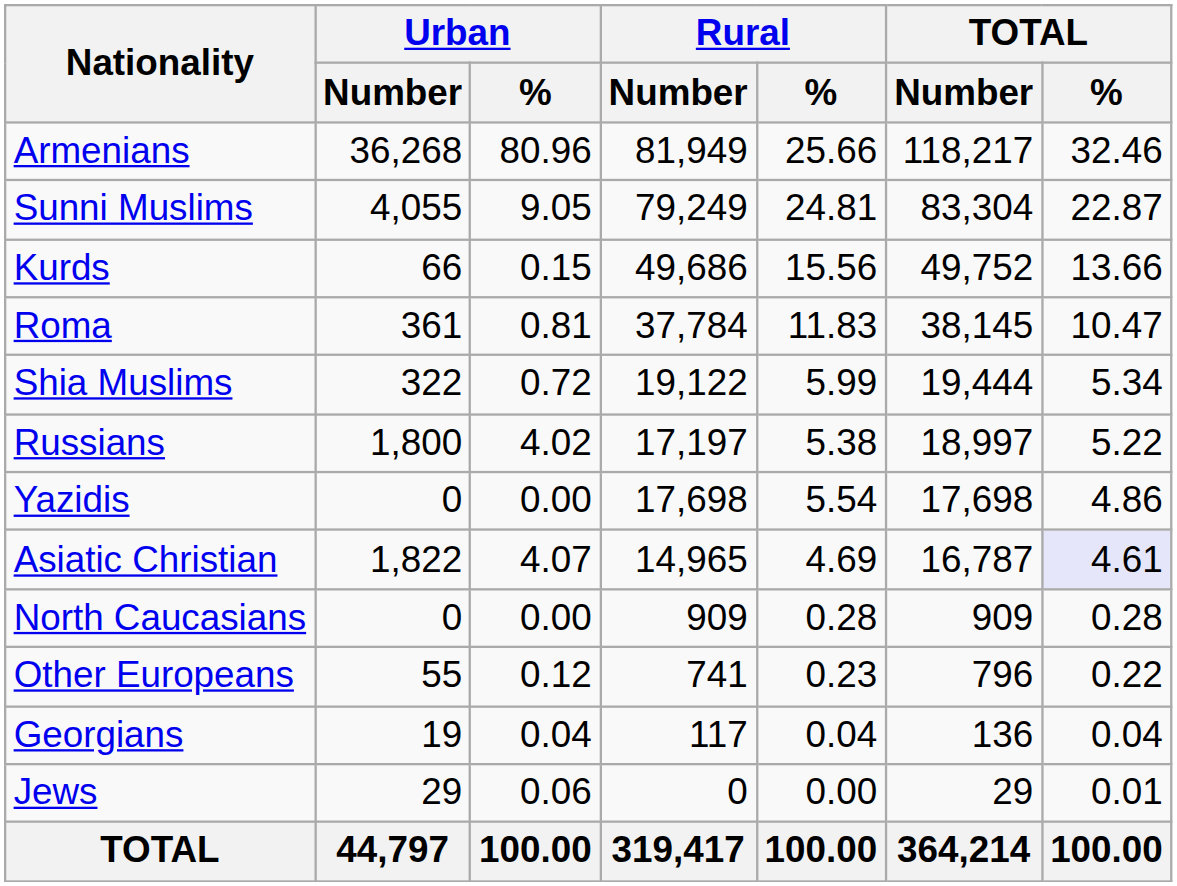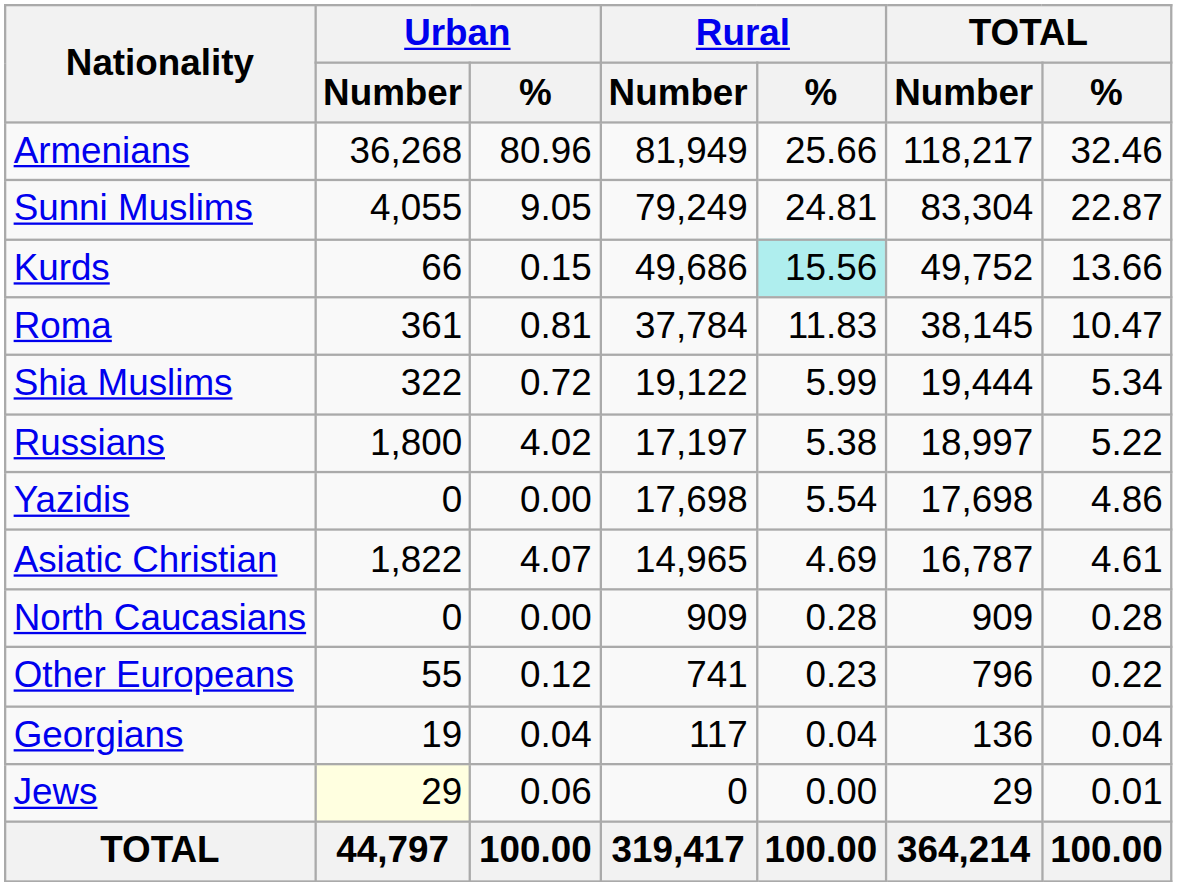 <table class="wikitable sortable">
 <tr>
 <th rowspan="2">Nationality</th>
 <th colspan="2"><a href='#'>Urban</a></th>
 <th colspan="2"><a href='#'>Rural</a></th>
 <th colspan="2">TOTAL</th>
 </tr>
 <tr>
 <th>Number</th>
 <th>%</th>
 <th>Number</th>
 <th>%</th>
 <th>Number</th>
 <th>%</th>
 </tr>
 <tr>
 <td><a href='#'>Armenians</a></td>
 <td align="right">36,268</td>
 <td align="right">80.96</td>
 <td align="right">81,949</td>
 <td align="right">25.66</td>
 <td align="right">118,217</td>
 <td align="right">32.46</td>
 </tr>
 <tr>
 <td><a href='#'>Sunni Muslims</a></td>
 <td align="right">4,055</td>
 <td align="right">9.05</td>
 <td align="right">79,249</td>
 <td align="right">24.81</td>
 <td align="right">83,304</td>
 <td align="right">22.87</td>
 </tr>
 <tr>
 <td><a href='#'>Kurds</a></td>
 <td align="right">66</td>
 <td align="right">0.15</td>
 <td align="right">49,686</td>
-<td align="right">15.56</td>
+<td align="right" style="background: paleturquoise;">15.56</td>
 <td align="right">49,752</td>
 <td align="right">13.66</td>
 </tr>
 <tr>
 <td><a href='#'>Roma</a></td>
 <td align="right">361</td>
 <td align="right">0.81</td>
 <td align="right">37,784</td>
 <td align="right">11.83</td>
 <td align="right">38,145</td>
 <td align="right">10.47</td>
 </tr>
 <tr>
 <td><a href='#'>Shia Muslims</a></td>
 <td align="right">322</td>
 <td align="right">0.72</td>
 <td align="right">19,122</td>
 <td align="right">5.99</td>
 <td align="right">19,444</td>
 <td align="right">5.34</td>
 </tr>
 <tr>
 <td><a href='#'>Russians</a></td>
 <td align="right">1,800</td>
 <td align="right">4.02</td>
 <td align="right">17,197</td>
 <td align="right">5.38</td>
 <td align="right">18,997</td>
 <td align="right">5.22</td>
 </tr>
 <tr>
 <td><a href='#'>Yazidis</a></td>
 <td align="right">0</td>
 <td align="right">0.00</td>
 <td align="right">17,698</td>
 <td align="right">5.54</td>
 <td align="right">17,698</td>
 <td align="right">4.86</td>
 </tr>
 <tr>
 <td><a href='#'>Asiatic Christian</a></td>
 <td align="right">1,822</td>
 <td align="right">4.07</td>
 <td align="right">14,965</td>
 <td align="right">4.69</td>
 <td align="right">16,787</td>
-<td align="right" style="background: lavender;">4.61</td>
+<td align="right">4.61</td>
 </tr>
 <tr>
 <td><a href='#'>North Caucasians</a></td>
 <td align="right">0</td>
 <td align="right">0.00</td>
 <td align="right">909</td>
 <td align="right">0.28</td>
 <td align="right">909</td>
 <td align="right">0.28</td>
 </tr>
 <tr>
 <td><a href='#'>Other Europeans</a></td>
 <td align="right">55</td>
 <td align="right">0.12</td>
 <td align="right">741</td>
 <td align="right">0.23</td>
 <td align="right">796</td>
 <td align="right">0.22</td>
 </tr>
 <tr>
 <td><a href='#'>Georgians</a></td>
 <td align="right">19</td>
 <td align="right">0.04</td>
 <td align="right">117</td>
 <td align="right">0.04</td>
 <td align="right">136</td>
 <td align="right">0.04</td>
 </tr>
 <tr>
 <td><a href='#'>Jews</a></td>
-<td align="right">29</td>
+<td align="right" style="background: lightyellow;">29</td>
 <td align="right">0.06</td>
 <td align="right">0</td>
 <td align="right">0.00</td>
 <td align="right">29</td>
 <td align="right">0.01</td>
 </tr>
 <tr>
 <th>TOTAL</th>
 <th>44,797</th>
 <th>100.00</th>
 <th>319,417</th>
 <th>100.00</th>
 <th>364,214</th>
 <th>100.00</th>
 </tr>
 </table>
